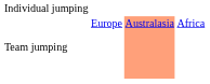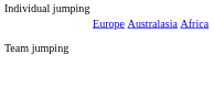 <table>
 <tr>
 <td>Individual jumping<br></td>
 <td></td>
 <td></td>
 <td></td>
 </tr>
 <tr>
 <td>Team jumping<br></td>
 <td><a href='#'>Europe</a> <br>  <br>  <br>  <br>  <br> </td>
-<td style="background: lightsalmon;"><a href='#'>Australasia</a> <br>  <br>  <br>  <br>  <br> </td>
+<td><a href='#'>Australasia</a> <br>  <br>  <br>  <br>  <br> </td>
 <td><a href='#'>Africa</a> <br>  <br>  <br>  <br>  <br> </td>
 </tr>
 </table>
